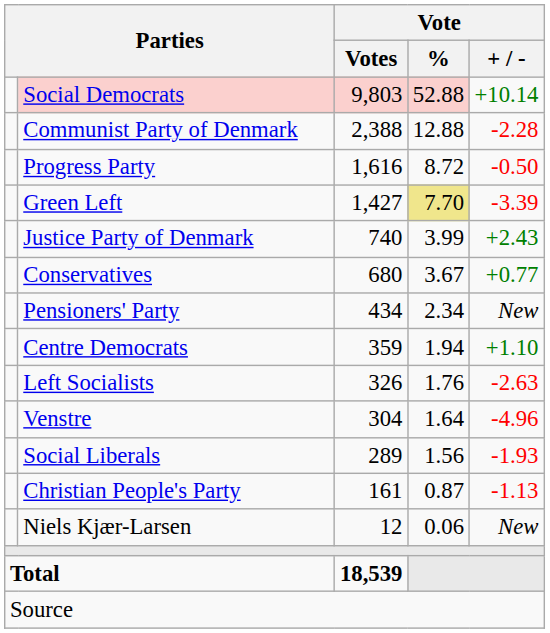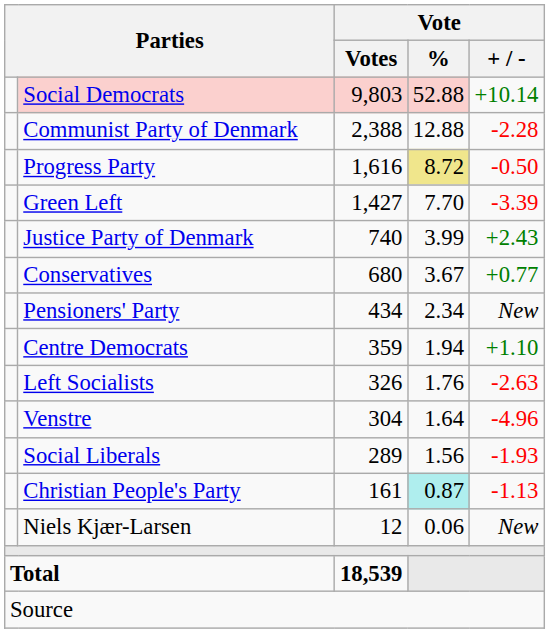 <table class="wikitable" style="text-align:right;">
 <tr>
 <th style="text-align:centre;" rowspan="2" colspan="2" width="225">Parties</th>
 <th colspan="3">Vote</th>
 </tr>
 <tr>
 <th width="15">Votes</th>
 <th width="15">%</th>
 <th width="15">+ / -</th>
 </tr>
 <tr>
 <td width="2" style="color:inherit;background:"></td>
 <td bgcolor=#fbd0ce  align="left"><a href='#'>Social Democrats</a></td>
 <td bgcolor=#fbd0ce>9,803</td>
 <td bgcolor=#fbd0ce>52.88</td>
 <td style=color:green;>+10.14</td>
 </tr>
 <tr>
 <td width="2" style="color:inherit;background:"></td>
 <td align="left"><a href='#'>Communist Party of Denmark</a></td>
 <td>2,388</td>
 <td>12.88</td>
 <td style=color:red;>-2.28</td>
 </tr>
 <tr>
 <td width="2" style="color:inherit;background:"></td>
 <td align="left"><a href='#'>Progress Party</a></td>
 <td>1,616</td>
-<td>8.72</td>
+<td style="background: khaki;">8.72</td>
 <td style=color:red;>-0.50</td>
 </tr>
 <tr>
 <td width="2" style="color:inherit;background:"></td>
 <td align="left"><a href='#'>Green Left</a></td>
 <td>1,427</td>
-<td style="background: khaki;">7.70</td>
+<td>7.70</td>
 <td style=color:red;>-3.39</td>
 </tr>
 <tr>
 <td width="2" style="color:inherit;background:"></td>
 <td align="left"><a href='#'>Justice Party of Denmark</a></td>
 <td>740</td>
 <td>3.99</td>
 <td style=color:green;>+2.43</td>
 </tr>
 <tr>
 <td width="2" style="color:inherit;background:"></td>
 <td align="left"><a href='#'>Conservatives</a></td>
 <td>680</td>
 <td>3.67</td>
 <td style=color:green;>+0.77</td>
 </tr>
 <tr>
 <td width="2" style="color:inherit;background:"></td>
 <td align="left"><a href='#'>Pensioners' Party</a></td>
 <td>434</td>
 <td>2.34</td>
 <td><em>New</em></td>
 </tr>
 <tr>
 <td width="2" style="color:inherit;background:"></td>
 <td align="left"><a href='#'>Centre Democrats</a></td>
 <td>359</td>
 <td>1.94</td>
 <td style=color:green;>+1.10</td>
 </tr>
 <tr>
 <td width="2" style="color:inherit;background:"></td>
 <td align="left"><a href='#'>Left Socialists</a></td>
 <td>326</td>
 <td>1.76</td>
 <td style=color:red;>-2.63</td>
 </tr>
 <tr>
 <td width="2" style="color:inherit;background:"></td>
 <td align="left"><a href='#'>Venstre</a></td>
 <td>304</td>
 <td>1.64</td>
 <td style=color:red;>-4.96</td>
 </tr>
 <tr>
 <td width="2" style="color:inherit;background:"></td>
 <td align="left"><a href='#'>Social Liberals</a></td>
 <td>289</td>
 <td>1.56</td>
 <td style=color:red;>-1.93</td>
 </tr>
 <tr>
 <td width="2" style="color:inherit;background:"></td>
 <td align="left"><a href='#'>Christian People's Party</a></td>
 <td>161</td>
-<td>0.87</td>
+<td style="background: paleturquoise;">0.87</td>
 <td style=color:red;>-1.13</td>
 </tr>
 <tr>
 <td width="2" style="color:inherit;background:"></td>
 <td align="left">Niels Kjær-Larsen</td>
 <td>12</td>
 <td>0.06</td>
 <td><em>New</em></td>
 </tr>
 <tr>
 <td colspan="7" bgcolor="#E9E9E9"></td>
 </tr>
 <tr>
 <td align="left" colspan="2"><strong>Total</strong></td>
 <td><strong>18,539</strong></td>
 <td bgcolor="#E9E9E9" colspan="2"></td>
 </tr>
 <tr>
 <td align="left" colspan="6">Source</td>
 </tr>
 </table>
